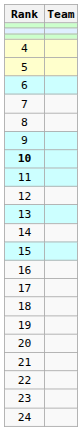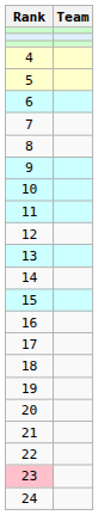 <table class="wikitable"style="text-align:center;">
 <tr>
 <th style="width:40px;">Rank</th>
 <th>Team</th>
 </tr>
 <tr bgcolor=#ccffcc>
 <td></td>
 <td style="text-align:left;"></td>
 </tr>
 <tr bgcolor=#dfefff>
 <td></td>
 <td style="text-align:left;"></td>
 </tr>
 <tr bgcolor=#ccffcc>
 <td></td>
 <td style="text-align:left;"></td>
 </tr>
 <tr bgcolor=#ffffcc>
 <td>4</td>
 <td style="text-align:left;"></td>
 </tr>
 <tr bgcolor=#ffffcc>
 <td>5</td>
 <td style="text-align:left;"></td>
 </tr>
 <tr bgcolor=#ccffff>
 <td>6</td>
 <td style="text-align:left;"></td>
 </tr>
 <tr>
 <td>7</td>
 <td style="text-align:left;"></td>
 </tr>
 <tr>
 <td>8</td>
 <td style="text-align:left;"></td>
 </tr>
 <tr bgcolor=#ccffff>
 <td>9</td>
 <td style="text-align:left;"></td>
 </tr>
 <tr bgcolor=#ccffff>
-<td><strong>10</strong></td>
+<td>10</td>
 <td style="text-align:left;"></td>
 </tr>
 <tr bgcolor=#ccffff>
 <td>11</td>
 <td style="text-align:left;"></td>
 </tr>
 <tr>
 <td>12</td>
 <td style="text-align:left;"></td>
 </tr>
 <tr bgcolor=#ccffff>
 <td>13</td>
 <td style="text-align:left;"></td>
 </tr>
 <tr>
 <td>14</td>
 <td style="text-align:left;"></td>
 </tr>
 <tr bgcolor=#ccffff>
 <td>15</td>
 <td style="text-align:left;"></td>
 </tr>
 <tr>
 <td>16</td>
 <td style="text-align:left;"></td>
 </tr>
 <tr>
 <td>17</td>
 <td style="text-align:left;"></td>
 </tr>
 <tr>
 <td>18</td>
 <td style="text-align:left;"></td>
 </tr>
 <tr>
 <td>19</td>
 <td style="text-align:left;"></td>
 </tr>
 <tr>
 <td>20</td>
 <td style="text-align:left;"></td>
 </tr>
 <tr>
 <td>21</td>
 <td style="text-align:left;"></td>
 </tr>
 <tr>
 <td>22</td>
 <td style="text-align:left;"></td>
 </tr>
 <tr>
-<td>23</td>
+<td style="background: pink;">23</td>
 <td style="text-align:left;"></td>
 </tr>
 <tr>
 <td>24</td>
 <td style="text-align:left;"></td>
 </tr>
 </table>
